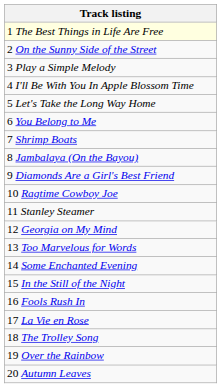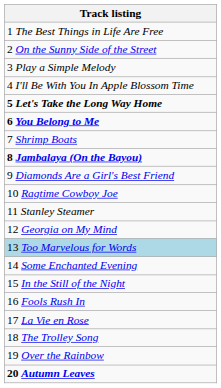 <table class="wikitable collapsible collapsed" style="width:300px;">
 <tr>
 <th>Track listing</th>
 </tr>
 <tr>
-<td style="background: lightyellow;">1 <em>The Best Things in Life Are Free</em></td>
+<td>1 <em>The Best Things in Life Are Free</em></td>
 </tr>
 <tr>
 <td>2 <em><a href='#'>On the Sunny Side of the Street</a></em></td>
 </tr>
 <tr>
 <td>3 <em>Play a Simple Melody</em></td>
 </tr>
 <tr>
 <td>4 <em>I'll Be With You In Apple Blossom Time</em></td>
 </tr>
 <tr>
-<td>5 <em>Let's Take the Long Way Home</em></td>
+<td><strong>5 <em>Let's Take the Long Way Home</em></strong></td>
 </tr>
 <tr>
-<td>6 <em><a href='#'>You Belong to Me</a></em></td>
+<td><strong>6 <em><a href='#'>You Belong to Me</a></em></strong></td>
 </tr>
 <tr>
 <td>7 <em><a href='#'>Shrimp Boats</a></em></td>
 </tr>
 <tr>
-<td>8 <em><a href='#'>Jambalaya (On the Bayou)</a></em></td>
+<td><strong>8 <em><a href='#'>Jambalaya (On the Bayou)</a></em></strong></td>
 </tr>
 <tr>
 <td>9 <em><a href='#'>Diamonds Are a Girl's Best Friend</a></em></td>
 </tr>
 <tr>
 <td>10 <em><a href='#'>Ragtime Cowboy Joe</a></em></td>
 </tr>
 <tr>
 <td>11 <em>Stanley Steamer</em></td>
 </tr>
 <tr>
 <td>12 <em><a href='#'>Georgia on My Mind</a></em></td>
 </tr>
 <tr>
-<td>13 <em><a href='#'>Too Marvelous for Words</a></em></td>
+<td style="background: lightblue;">13 <em><a href='#'>Too Marvelous for Words</a></em></td>
 </tr>
 <tr>
 <td>14 <em><a href='#'>Some Enchanted Evening</a></em></td>
 </tr>
 <tr>
 <td>15 <em><a href='#'>In the Still of the Night</a></em></td>
 </tr>
 <tr>
 <td>16 <em><a href='#'>Fools Rush In</a></em></td>
 </tr>
 <tr>
 <td>17 <em><a href='#'>La Vie en Rose</a></em></td>
 </tr>
 <tr>
 <td>18 <em><a href='#'>The Trolley Song</a></em></td>
 </tr>
 <tr>
 <td>19 <em><a href='#'>Over the Rainbow</a></em></td>
 </tr>
 <tr>
-<td>20 <em><a href='#'>Autumn Leaves</a></em></td>
+<td><strong>20 <em><a href='#'>Autumn Leaves</a></em></strong></td>
 </tr>
 </table>
